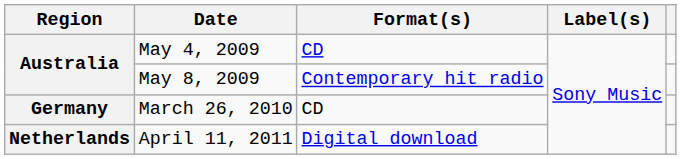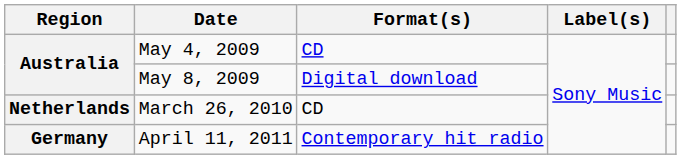 <table class="wikitable plainrowheaders">
 <tr>
 <th scope="col">Region</th>
 <th scope="col">Date</th>
 <th scope="col">Format(s)</th>
 <th scope="col">Label(s)</th>
 <th scope="col"></th>
 </tr>
 <tr>
 <th scope="row" rowspan="2">Australia</th>
 <td>May 4, 2009</td>
 <td><a href='#'>CD</a></td>
 <td rowspan="4"><a href='#'>Sony Music</a></td>
 <td></td>
 </tr>
 <tr>
 <td>May 8, 2009</td>
-<td><a href='#'>Contemporary hit radio</a></td>
+<td><a href='#'>Digital download</a></td>
 <td></td>
 </tr>
 <tr>
-<th scope="row">Germany</th>
+<th scope="row">Netherlands</th>
 <td>March 26, 2010</td>
 <td>CD</td>
 <td></td>
 </tr>
 <tr>
-<th scope="row">Netherlands</th>
+<th scope="row">Germany</th>
 <td>April 11, 2011</td>
-<td><a href='#'>Digital download</a></td>
+<td><a href='#'>Contemporary hit radio</a></td>
 <td></td>
 </tr>
 </table>
